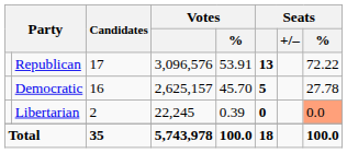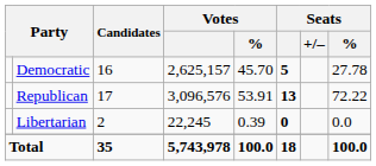 <table class="wikitable" style="font-size: 95%;">
 <tr>
 <th colspan="2" rowspan="2">Party</th>
 <th rowspan="2"><small>Candi</small><small>dates</small></th>
 <th colspan="2">Votes</th>
 <th colspan="3">Seats</th>
 </tr>
 <tr>
 <th></th>
 <th>%</th>
 <th></th>
 <th>+/–</th>
 <th>%</th>
 </tr>
 <tr>
 <td style="color:inherit;background:"></td>
+<td align="left"><a href='#'>Democratic</a></td>
+<td>16</td>
+<td>2,625,157</td>
+<td>45.70</td>
+<td><strong>5</strong></td>
+<td></td>
+<td>27.78</td>
+</tr>
+<tr>
+<td style="color:inherit;background:"></td>
 <td align="left"><a href='#'>Republican</a></td>
 <td>17</td>
 <td>3,096,576</td>
 <td>53.91</td>
 <td><strong>13</strong></td>
 <td></td>
 <td>72.22</td>
 </tr>
 <tr>
 <td style="color:inherit;background:"></td>
-<td align="left"><a href='#'>Democratic</a></td>
-<td>16</td>
-<td>2,625,157</td>
-<td>45.70</td>
-<td><strong>5</strong></td>
-<td></td>
-<td>27.78</td>
-</tr>
-<tr>
-<td style="color:inherit;background:"></td>
 <td align="left"><a href='#'>Libertarian</a></td>
 <td>2</td>
 <td>22,245</td>
 <td>0.39</td>
 <td><strong>0</strong></td>
 <td></td>
-<td style="background: lightsalmon;">0.0</td>
+<td>0.0</td>
 </tr>
 <tr>
 </tr>
 <tr style="font-weight:bold">
 <td colspan="2" align="left">Total</td>
 <td>35</td>
 <td>5,743,978</td>
 <td>100.0</td>
 <td>18</td>
 <td></td>
 <td>100.0</td>
 </tr>
 </table>
